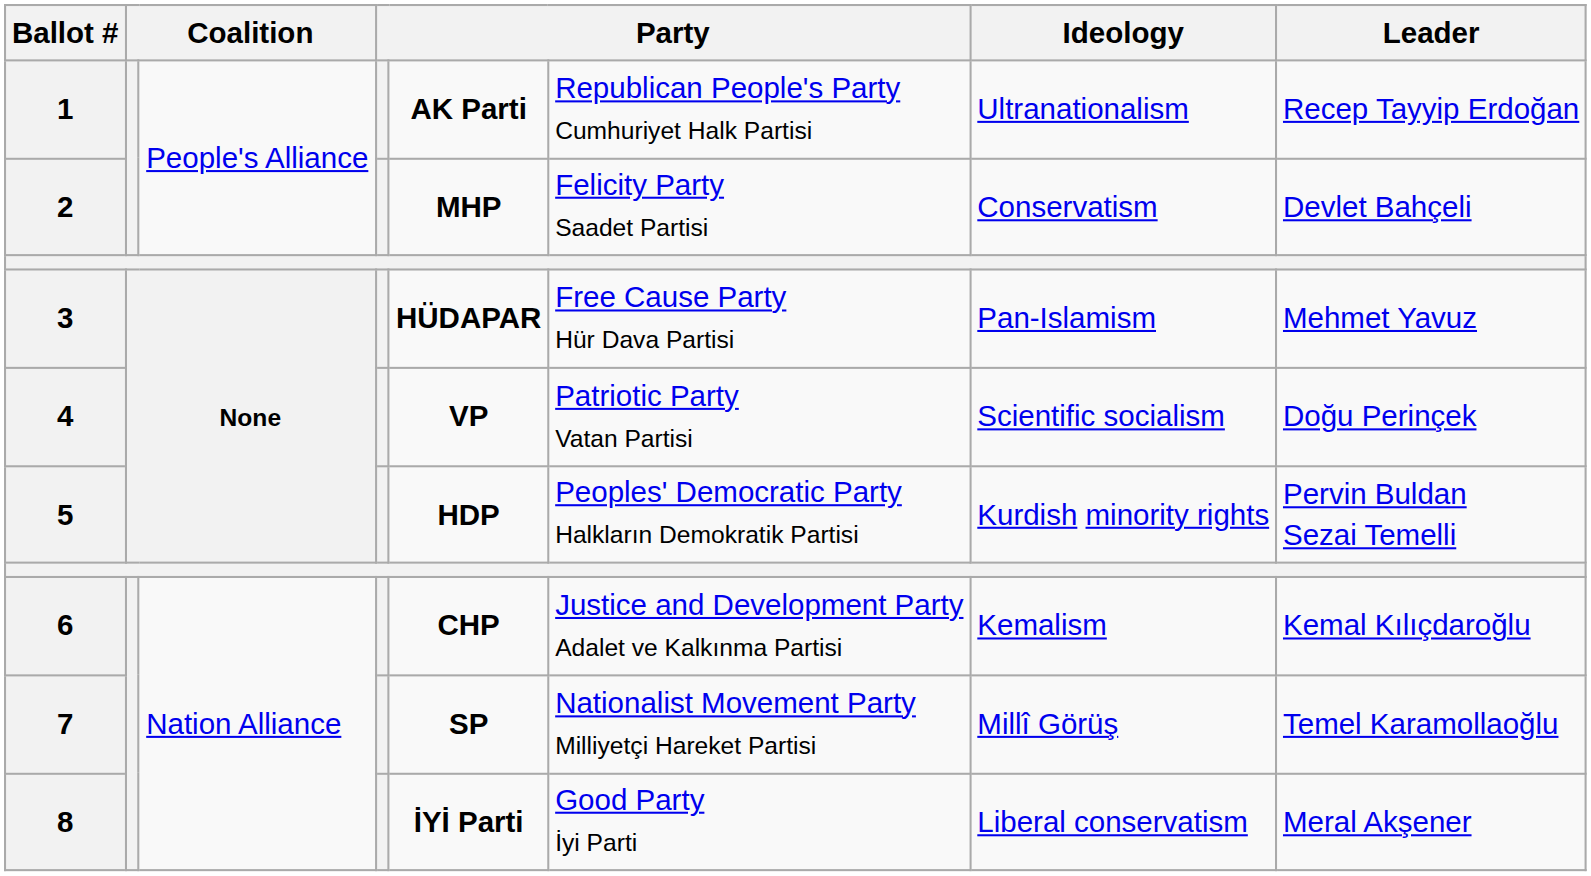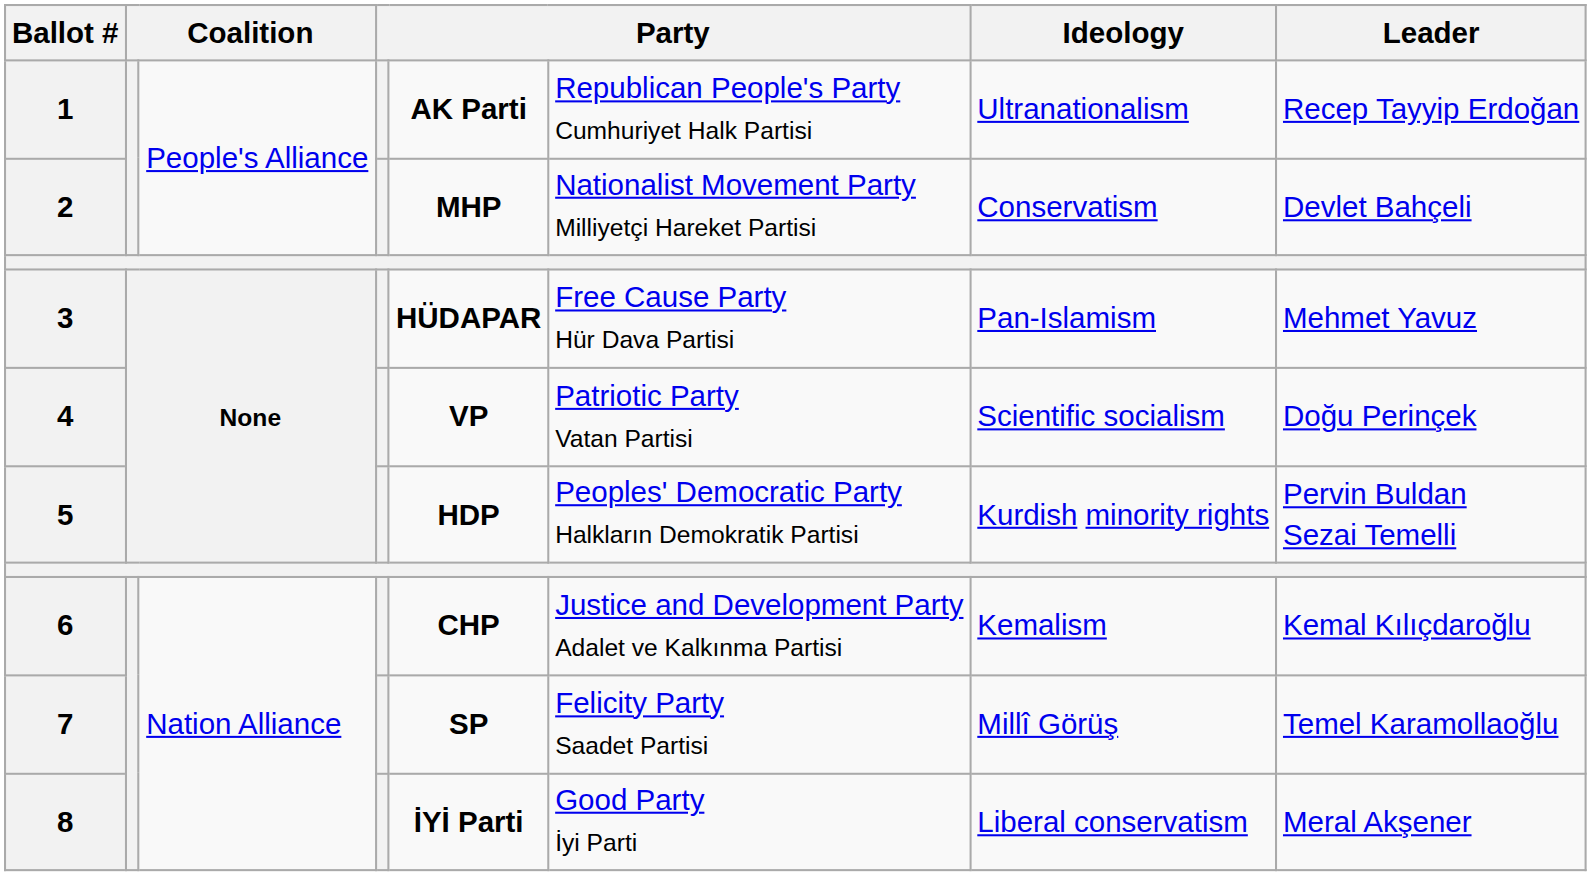 <table class="wikitable" style="text-align:left; font-size:90%; line-height:20px;">
 <tr>
 <th>Ballot #</th>
 <th colspan=2>Coalition</th>
 <th colspan="3">Party</th>
 <th>Ideology</th>
 <th>Leader</th>
 </tr>
 <tr>
 <th>1</th>
 <th rowspan=2 style="background:"></th>
 <td rowspan=2><a href='#'>People's Alliance</a></td>
 <th style="background:"></th>
 <td align="center"><strong>AK Parti</strong></td>
 <td><a href='#'>Republican People's Party</a><br><small>Cumhuriyet Halk Partisi</small></td>
 <td><a href='#'>Ultranationalism</a></td>
 <td><a href='#'>Recep Tayyip Erdoğan</a></td>
 </tr>
 <tr>
 <th>2</th>
 <th style="background:"></th>
 <td align="center"><strong>MHP</strong></td>
-<td><a href='#'>Felicity Party</a><br><small>Saadet Partisi</small></td>
+<td><a href='#'>Nationalist Movement Party</a><br><small>Milliyetçi Hareket Partisi</small></td>
 <td><a href='#'>Conservatism</a></td>
 <td><a href='#'>Devlet Bahçeli</a></td>
 </tr>
 <tr>
 <th colspan = 8></th>
 </tr>
 <tr>
 <th>3</th>
 <th colspan=2 rowspan=3><small>None</small></th>
 <th style="background:"></th>
 <td align="center"><strong>HÜDAPAR</strong></td>
 <td><a href='#'>Free Cause Party</a><br><small>Hür Dava Partisi</small></td>
 <td><a href='#'>Pan-Islamism</a></td>
 <td><a href='#'>Mehmet Yavuz</a></td>
 </tr>
 <tr>
 <th>4</th>
 <th style="background:"></th>
 <td align="center"><strong>VP</strong></td>
 <td><a href='#'>Patriotic Party</a><br><small>Vatan Partisi</small></td>
 <td><a href='#'>Scientific socialism</a></td>
 <td><a href='#'>Doğu Perinçek</a></td>
 </tr>
 <tr>
 <th>5</th>
 <th style="background:"></th>
 <td align="center"><strong>HDP</strong></td>
 <td><a href='#'>Peoples' Democratic Party</a><br><small>Halkların Demokratik Partisi</small></td>
 <td><a href='#'>Kurdish</a> <a href='#'>minority rights</a></td>
 <td><a href='#'>Pervin Buldan</a><br><a href='#'>Sezai Temelli</a></td>
 </tr>
 <tr>
 <th colspan = 8></th>
 </tr>
 <tr>
 <th>6</th>
 <th rowspan=3 style="background:"></th>
 <td rowspan=3><a href='#'>Nation Alliance</a></td>
 <th style="background:"></th>
 <td align="center"><strong>CHP</strong></td>
 <td><a href='#'>Justice and Development Party</a><br><small>Adalet ve Kalkınma Partisi</small></td>
 <td><a href='#'>Kemalism</a></td>
 <td><a href='#'>Kemal Kılıçdaroğlu</a></td>
 </tr>
 <tr>
 <th>7</th>
 <th style="background:"></th>
 <td align="center"><strong>SP</strong></td>
-<td><a href='#'>Nationalist Movement Party</a><br><small>Milliyetçi Hareket Partisi</small></td>
+<td><a href='#'>Felicity Party</a><br><small>Saadet Partisi</small></td>
 <td><a href='#'>Millî Görüş</a></td>
 <td><a href='#'>Temel Karamollaoğlu</a></td>
 </tr>
 <tr>
 <th>8</th>
 <th style="background:"></th>
 <td align="center"><strong>İYİ Parti</strong></td>
 <td><a href='#'>Good Party</a><br><small>İyi Parti</small></td>
 <td><a href='#'>Liberal conservatism</a></td>
 <td><a href='#'>Meral Akşener</a></td>
 </tr>
 </table>
